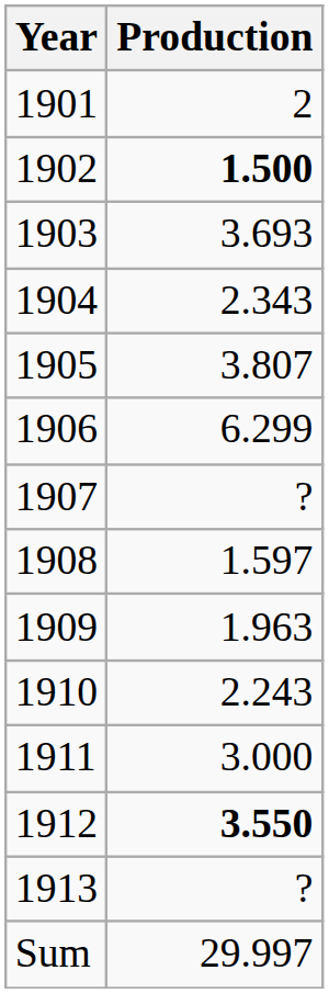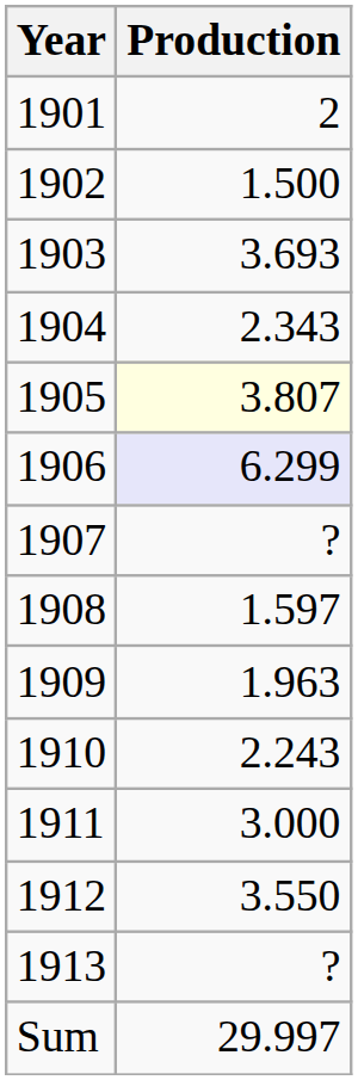 <table class="wikitable sortable">
 <tr>
 <th>Year</th>
 <th>Production</th>
 </tr>
 <tr>
 <td>1901</td>
 <td align="right">2</td>
 </tr>
 <tr>
 <td>1902</td>
-<td align="right"><strong>1.500</strong></td>
+<td align="right">1.500</td>
 </tr>
 <tr>
 <td>1903</td>
 <td align="right">3.693</td>
 </tr>
 <tr>
 <td>1904</td>
 <td align="right">2.343</td>
 </tr>
 <tr>
 <td>1905</td>
-<td align="right">3.807</td>
+<td align="right" style="background: lightyellow;">3.807</td>
 </tr>
 <tr>
 <td>1906</td>
-<td align="right">6.299</td>
+<td align="right" style="background: lavender;">6.299</td>
 </tr>
 <tr>
 <td>1907</td>
 <td align="right">?</td>
 </tr>
 <tr>
 <td>1908</td>
 <td align="right">1.597</td>
 </tr>
 <tr>
 <td>1909</td>
 <td align="right">1.963</td>
 </tr>
 <tr>
 <td>1910</td>
 <td align="right">2.243</td>
 </tr>
 <tr>
 <td>1911</td>
 <td align="right">3.000</td>
 </tr>
 <tr>
 <td>1912</td>
-<td align="right"><strong>3.550</strong></td>
+<td align="right">3.550</td>
 </tr>
 <tr>
 <td>1913</td>
 <td align="right">?</td>
 </tr>
 <tr>
 <td>Sum</td>
 <td align="right">29.997</td>
 </tr>
 </table>
